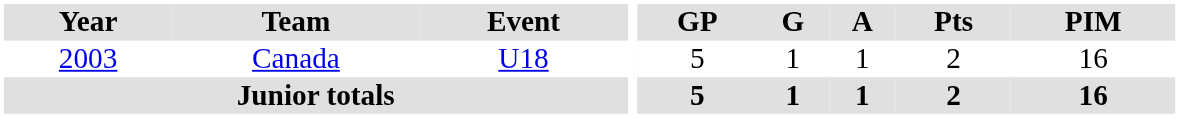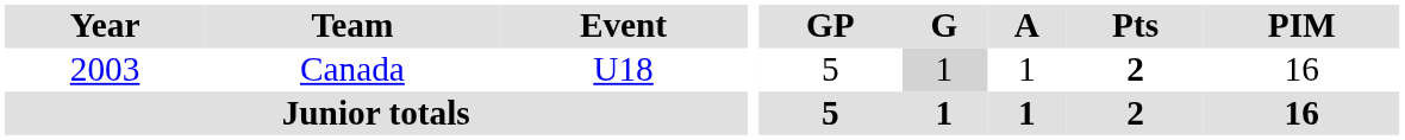 <table border="0" cellpadding="1" cellspacing="0" ID="Table3" style="text-align:center; width:40em">
 <tr bgcolor="#e0e0e0">
 <th>Year</th>
 <th>Team</th>
 <th>Event</th>
 <th rowspan="99" bgcolor="#ffffff"></th>
 <th>GP</th>
 <th>G</th>
 <th>A</th>
 <th>Pts</th>
 <th>PIM</th>
 </tr>
 <tr>
 <td><a href='#'>2003</a></td>
 <td><a href='#'>Canada</a></td>
 <td><a href='#'>U18</a></td>
 <td>5</td>
+<td style="background: lightgrey;">1</td>
 <td>1</td>
-<td>1</td>
-<td>2</td>
+<td><strong>2</strong></td>
 <td>16</td>
 </tr>
 <tr ALIGN="centre" bgcolor="#e0e0e0">
 <th colspan=3>Junior totals</th>
 <th>5</th>
 <th>1</th>
 <th>1</th>
 <th>2</th>
 <th>16</th>
 </tr>
 </table>
